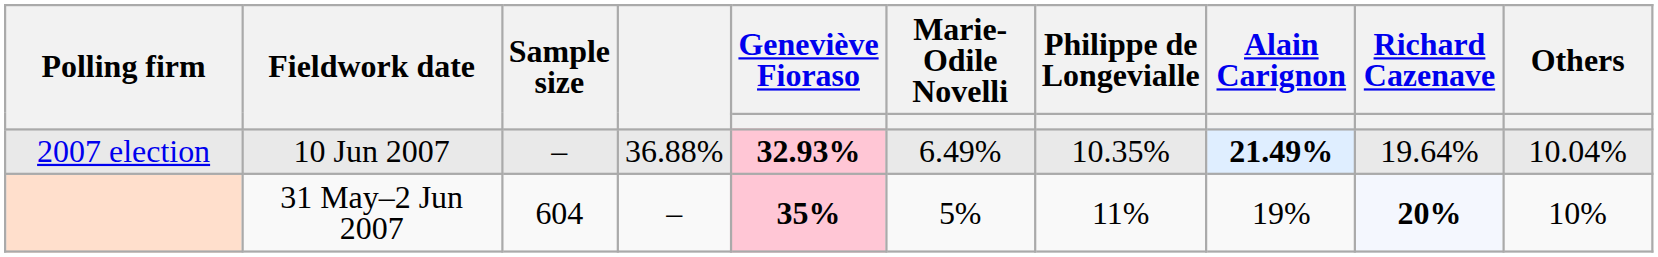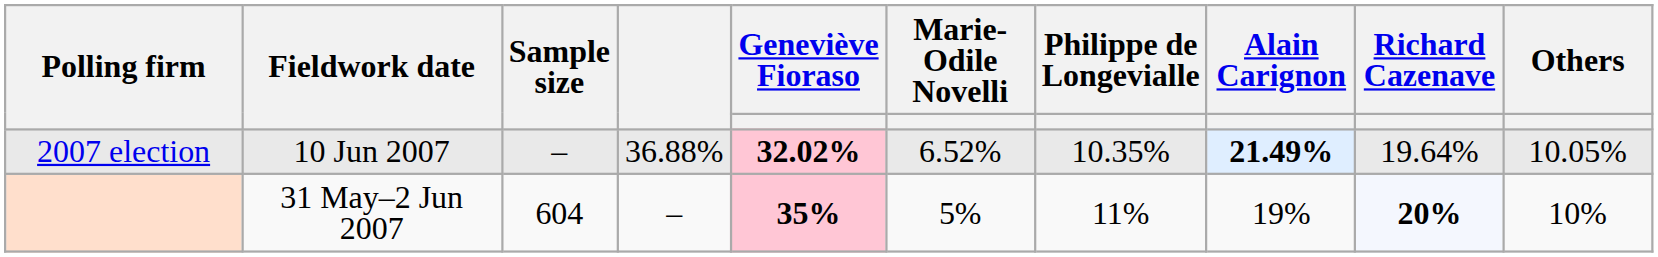 <table class="wikitable sortable" style="text-align:center;font-size:90%;line-height:14px;">
 <tr style="height:40px;">
 <th style="width:100px;" rowspan="2">Polling firm</th>
 <th style="width:110px;" rowspan="2">Fieldwork date</th>
 <th style="width:35px;" rowspan="2">Sample<br>size</th>
 <th style="width:30px;" rowspan="2"></th>
 <th class="unsortable" style="width:60px;"><a href='#'>Geneviève Fioraso</a><br></th>
 <th class="unsortable" style="width:60px;">Marie-Odile Novelli<br></th>
 <th class="unsortable" style="width:60px;">Philippe de Longevialle<br></th>
 <th class="unsortable" style="width:60px;"><a href='#'>Alain Carignon</a><br></th>
 <th class="unsortable" style="width:60px;"><a href='#'>Richard Cazenave</a><br></th>
 <th class="unsortable" style="width:60px;">Others</th>
 </tr>
 <tr>
 <th style="background:"></th>
 <th style="background:"></th>
 <th style="background:"></th>
 <th style="background:"></th>
 <th style="background:"></th>
 <th style="background:"></th>
 </tr>
 <tr style="background:#E9E9E9;">
 <td><a href='#'>2007 election</a></td>
 <td data-sort-value="2007-06-10">10 Jun 2007</td>
 <td>–</td>
 <td>36.88%</td>
-<td style="background:#FFC6D5;"><strong>32.93%</strong></td>
-<td>6.49%</td>
+<td style="background:#FFC6D5;"><strong>32.02%</strong></td>
+<td>6.52%</td>
 <td>10.35%</td>
 <td style="background:#DFEEFF;"><strong>21.49%</strong></td>
 <td>19.64%</td>
-<td>10.04%</td>
+<td>10.05%</td>
 </tr>
 <tr>
 <td style="background:#FFDFCC;"></td>
 <td data-sort-value="2007-06-02">31 May–2 Jun 2007</td>
 <td>604</td>
 <td>–</td>
 <td style="background:#FFC6D5;"><strong>35%</strong></td>
 <td>5%</td>
 <td>11%</td>
 <td>19%</td>
 <td style="background:#F4F7FE;"><strong>20%</strong></td>
 <td>10%</td>
 </tr>
 </table>
